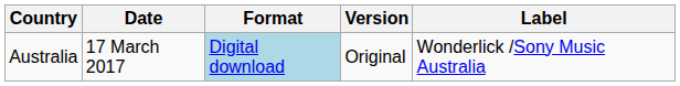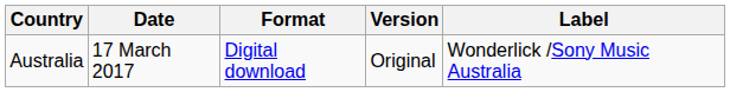 <table class="wikitable">
 <tr>
 <th>Country</th>
 <th>Date</th>
 <th>Format</th>
 <th>Version</th>
 <th>Label</th>
 </tr>
 <tr>
 <td>Australia</td>
 <td>17 March 2017</td>
-<td style="background: lightblue;"><a href='#'>Digital download</a></td>
+<td><a href='#'>Digital download</a></td>
 <td>Original</td>
 <td>Wonderlick /<a href='#'>Sony Music Australia</a></td>
 </tr>
 <tr>
 </tr>
 </table>
